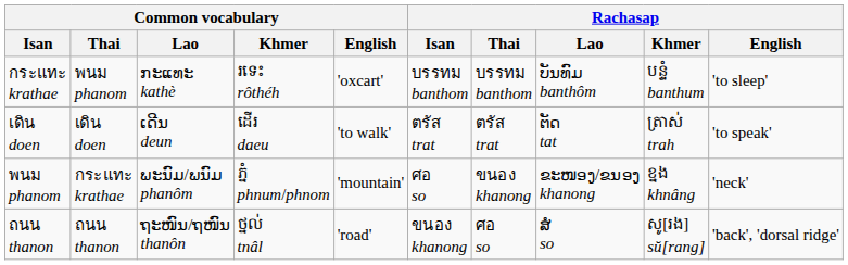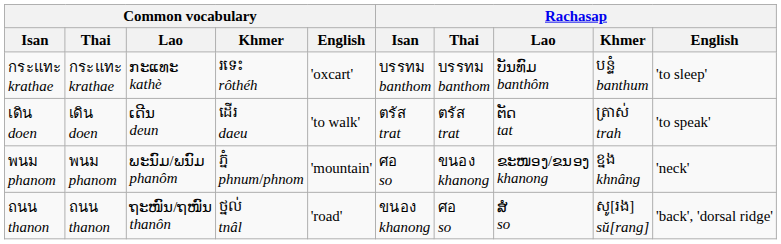 <table class="wikitable">
 <tr>
 <th colspan="5">Common vocabulary</th>
 <th colspan="5"><a href='#'>Rachasap</a></th>
 </tr>
 <tr>
 <th>Isan</th>
 <th>Thai</th>
 <th>Lao</th>
 <th>Khmer</th>
 <th>English</th>
 <th>Isan</th>
 <th>Thai</th>
 <th>Lao</th>
 <th>Khmer</th>
 <th>English</th>
 </tr>
 <tr>
 <td>กระแทะ<br><em>krathae</em><br></td>
-<td>พนม<br><em>phanom</em><br></td>
+<td>กระแทะ<br><em>krathae</em><br></td>
 <td>ກະແທະ<br><em>kathè</em><br></td>
 <td>រទេះ<br><em>rôthéh</em><br></td>
 <td>'oxcart'</td>
 <td>บรรทม<br><em>banthom</em><br></td>
 <td>บรรทม<br><em>banthom</em><br></td>
 <td>ບັນທົມ<br><em>banthôm</em><br></td>
 <td>បន្ទំ<br><em>banthum</em><br></td>
 <td>'to sleep'</td>
 </tr>
 <tr>
 <td>เดิน<br><em>doen</em><br></td>
 <td>เดิน<br><em>doen</em><br></td>
 <td>ເດີນ<br><em>deun</em><br></td>
 <td>ដើរ<br><em>daeu</em><br></td>
 <td>'to walk'</td>
 <td>ตรัส<br><em>trat</em><br></td>
 <td>ตรัส<br><em>trat</em><br></td>
 <td>ຕັດ<br><em>tat</em><br></td>
 <td>ត្រាស់<br><em>trah</em><br></td>
 <td>'to speak'</td>
 </tr>
 <tr>
 <td>พนม<br><em>phanom</em><br></td>
-<td>กระแทะ<br><em>krathae</em><br></td>
+<td>พนม<br><em>phanom</em><br></td>
 <td>ພະນົມ/ພນົມ<br><em>phanôm</em><br></td>
 <td>ភ្នំ<br><em>phnum</em>/<em>phnom</em><br></td>
 <td>'mountain'</td>
 <td>ศอ<br><em>so</em><br></td>
 <td>ขนอง<br><em>khanong</em><br></td>
 <td>ຂະໜອງ/ຂນອງ<br><em>khanong</em><br></td>
 <td>ខ្នង<br><em>khnâng</em><br></td>
 <td>'neck'</td>
 </tr>
 <tr>
 <td>ถนน<br><em>thanon</em><br></td>
 <td>ถนน<br><em>thanon</em><br></td>
 <td>ຖະໜົນ/ຖໜົນ<br><em>thanôn</em><br></td>
 <td>ថ្នល់<br><em>tnâl</em><br></td>
 <td>'road'</td>
 <td>ขนอง<br><em>khanong</em><br></td>
 <td>ศอ<br><em>so</em><br></td>
 <td>ສໍ<br><em>so</em><br></td>
 <td>សូ[រង]<br><em>sŭ[rang]</em><br></td>
 <td>'back', 'dorsal ridge'</td>
 </tr>
 </table>
